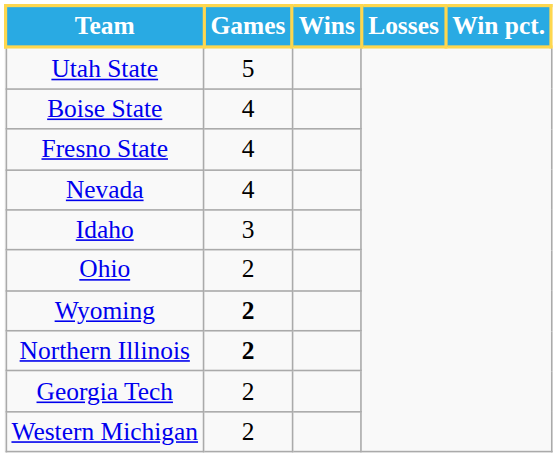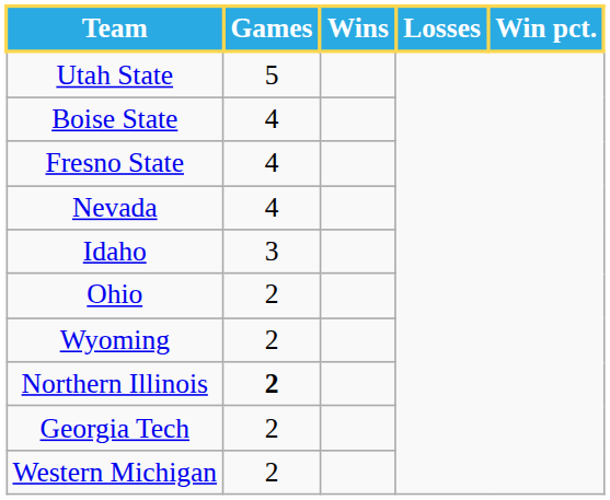 <table class="sortable wikitable" style="text-align:center">
 <tr>
 <th style="background:#29AAE3; color:#FFFFFF; border: 2px solid #FED74E;">Team</th>
 <th style="background:#29AAE3; color:#FFFFFF; border: 2px solid #FED74E;">Games</th>
 <th style="background:#29AAE3; color:#FFFFFF; border: 2px solid #FED74E;">Wins</th>
 <th style="background:#29AAE3; color:#FFFFFF; border: 2px solid #FED74E;">Losses</th>
 <th style="background:#29AAE3; color:#FFFFFF; border: 2px solid #FED74E;">Win pct.</th>
 </tr>
 <tr>
 <td><a href='#'>Utah State</a></td>
 <td>5</td>
 <td></td>
 </tr>
 <tr>
 <td><a href='#'>Boise State</a></td>
 <td>4</td>
 <td></td>
 </tr>
 <tr>
 <td><a href='#'>Fresno State</a></td>
 <td>4</td>
 <td></td>
 </tr>
 <tr>
 <td><a href='#'>Nevada</a></td>
 <td>4</td>
 <td></td>
 </tr>
 <tr>
 <td><a href='#'>Idaho</a></td>
 <td>3</td>
 <td></td>
 </tr>
 <tr>
 <td><a href='#'>Ohio</a></td>
 <td>2</td>
 <td></td>
 </tr>
 <tr>
 <td><a href='#'>Wyoming</a></td>
-<td><strong>2</strong></td>
+<td>2</td>
 <td></td>
 </tr>
 <tr>
 <td><a href='#'>Northern Illinois</a></td>
 <td><strong>2</strong></td>
 <td></td>
 </tr>
 <tr>
 <td><a href='#'>Georgia Tech</a></td>
 <td>2</td>
 <td></td>
 </tr>
 <tr>
 <td><a href='#'>Western Michigan</a></td>
 <td>2</td>
 <td></td>
 </tr>
 </table>
